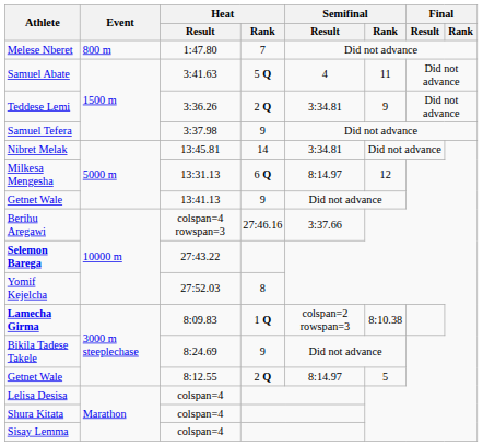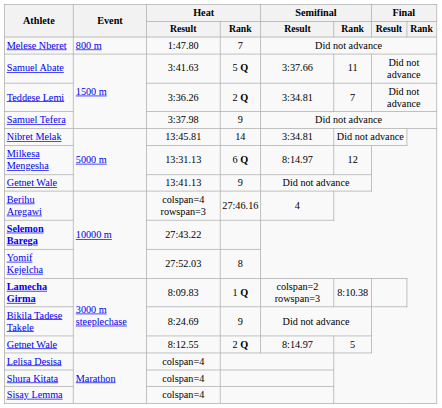 <table class="wikitable" style="font-size:90%">
 <tr>
 <th rowspan="2">Athlete</th>
 <th rowspan="2">Event</th>
 <th colspan="2">Heat</th>
 <th colspan="2">Semifinal</th>
 <th colspan="2">Final</th>
 </tr>
 <tr style="font-size:95%">
 <th>Result</th>
 <th>Rank</th>
 <th>Result</th>
 <th>Rank</th>
 <th>Result</th>
 <th>Rank</th>
 </tr>
 <tr align=center>
 <td align=left><a href='#'>Melese Nberet</a></td>
 <td align=left><a href='#'>800 m</a></td>
 <td>1:47.80</td>
 <td>7</td>
 <td colspan="4">Did not advance</td>
 </tr>
 <tr align="center">
 <td align="left"><a href='#'>Samuel Abate</a></td>
 <td rowspan="3" align="left"><a href='#'>1500 m</a></td>
 <td>3:41.63</td>
 <td>5 <strong>Q</strong></td>
-<td>4</td>
+<td>3:37.66</td>
 <td>11</td>
 <td colspan="2">Did not advance</td>
 </tr>
 <tr align="center">
 <td align="left"><a href='#'>Teddese Lemi</a></td>
 <td>3:36.26</td>
 <td>2 <strong>Q</strong></td>
 <td>3:34.81</td>
-<td>9</td>
+<td>7</td>
 <td colspan="2">Did not advance</td>
 </tr>
 <tr align="center">
 <td align="left"><a href='#'>Samuel Tefera</a></td>
 <td>3:37.98</td>
 <td>9</td>
 <td colspan="4">Did not advance</td>
 </tr>
 <tr align=center>
 <td align=left><a href='#'>Nibret Melak</a></td>
 <td align=left rowspan=3><a href='#'>5000 m</a></td>
 <td>13:45.81</td>
 <td>14</td>
 <td>3:34.81</td>
 <td colspan=2>Did not advance</td>
 </tr>
 <tr align=center>
 <td align=left><a href='#'>Milkesa Mengesha</a></td>
 <td>13:31.13</td>
 <td>6 <strong>Q</strong></td>
 <td>8:14.97</td>
 <td>12</td>
 </tr>
 <tr align=center>
 <td align=left><a href='#'>Getnet Wale</a></td>
 <td>13:41.13</td>
 <td>9</td>
 <td colspan=2>Did not advance</td>
 </tr>
 <tr align=center>
 <td align=left><a href='#'>Berihu Aregawi</a></td>
 <td rowspan="3" align="left"><a href='#'>10000 m</a></td>
 <td>colspan=4 rowspan=3 </td>
 <td>27:46.16</td>
-<td>3:37.66</td>
+<td>4</td>
 </tr>
 <tr align=center>
 <td align=left><strong><a href='#'>Selemon Barega</a></strong></td>
 <td>27:43.22</td>
 <td></td>
 </tr>
 <tr align="center">
 <td align="left"><a href='#'>Yomif Kejelcha</a></td>
 <td>27:52.03</td>
 <td>8</td>
 </tr>
 <tr align=center>
 <td align=left><strong><a href='#'>Lamecha Girma</a></strong></td>
 <td align=left rowspan="3"><a href='#'>3000 m steeplechase</a></td>
 <td>8:09.83</td>
 <td>1 <strong>Q</strong></td>
 <td>colspan=2 rowspan=3 </td>
 <td>8:10.38</td>
 <td></td>
 </tr>
 <tr align=center>
 <td align=left><a href='#'>Bikila Tadese Takele</a></td>
 <td>8:24.69</td>
 <td>9</td>
 <td colspan=2>Did not advance</td>
 </tr>
 <tr align="center">
 <td align="left"><a href='#'>Getnet Wale</a></td>
 <td>8:12.55</td>
 <td>2 <strong>Q</strong></td>
 <td>8:14.97</td>
 <td>5</td>
 </tr>
 <tr align=center>
 <td align=left><a href='#'>Lelisa Desisa</a></td>
 <td align=left rowspan=3><a href='#'>Marathon</a></td>
 <td>colspan=4 </td>
 <td colspan=2></td>
 </tr>
 <tr align=center>
 <td align=left><a href='#'>Shura Kitata</a></td>
 <td>colspan=4 </td>
 <td colspan=2></td>
 </tr>
 <tr align=center>
 <td align=left><a href='#'>Sisay Lemma</a></td>
 <td>colspan=4 </td>
 <td colspan=2></td>
 </tr>
 </table>
